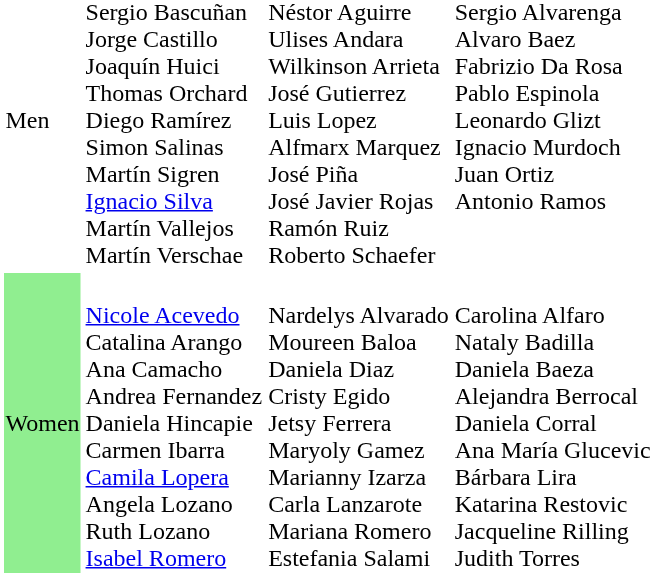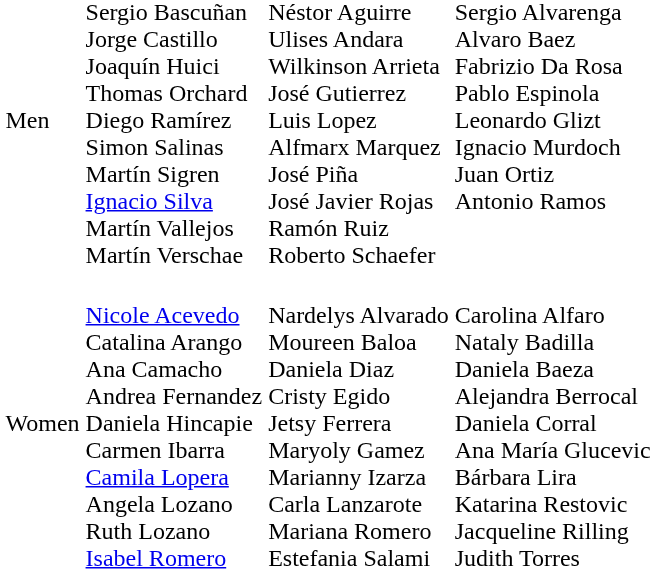 <table>
 <tr>
 <td>Men</td>
 <td nowrap><br>Sergio Bascuñan<br>Jorge Castillo<br>Joaquín Huici<br>Thomas Orchard<br>Diego Ramírez<br>Simon Salinas<br>Martín Sigren<br><a href='#'>Ignacio Silva</a><br>Martín Vallejos<br>Martín Verschae</td>
 <td nowrap><br>Néstor Aguirre<br>Ulises Andara<br>Wilkinson Arrieta<br>José Gutierrez<br>Luis Lopez<br>Alfmarx Marquez<br>José Piña<br>José Javier Rojas<br>Ramón Ruiz<br>Roberto Schaefer</td>
 <td valign=top nowrap><br>Sergio Alvarenga<br>Alvaro Baez<br>Fabrizio Da Rosa<br>Pablo Espinola<br>Leonardo Glizt<br>Ignacio Murdoch<br>Juan Ortiz<br>Antonio Ramos</td>
 </tr>
 <tr>
-<td style="background: lightgreen;">Women</td>
+<td>Women</td>
 <td nowrap><br><a href='#'>Nicole Acevedo</a><br>Catalina Arango<br>Ana Camacho<br>Andrea Fernandez<br>Daniela Hincapie<br>Carmen Ibarra<br><a href='#'>Camila Lopera</a><br>Angela Lozano<br>Ruth Lozano<br><a href='#'>Isabel Romero</a></td>
 <td nowrap><br>Nardelys Alvarado<br>Moureen Baloa<br>Daniela Diaz<br>Cristy Egido<br>Jetsy Ferrera<br>Maryoly Gamez<br>Marianny Izarza<br>Carla Lanzarote<br>Mariana Romero<br>Estefania Salami</td>
 <td nowrap><br>Carolina Alfaro<br>Nataly Badilla<br>Daniela Baeza<br>Alejandra Berrocal<br>Daniela Corral<br>Ana María Glucevic<br>Bárbara Lira<br>Katarina Restovic<br>Jacqueline Rilling<br>Judith Torres</td>
 </tr>
 </table>
